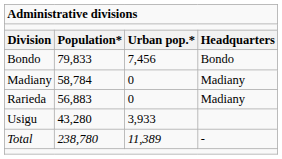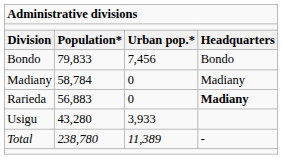 <table class="wikitable">
 <tr>
 <td colspan="4"><strong>Administrative divisions</strong></td>
 </tr>
 <tr>
 <td colspan="4"></td>
 </tr>
 <tr>
 <th>Division</th>
 <th>Population*</th>
 <th>Urban pop.*</th>
 <th>Headquarters</th>
 </tr>
 <tr>
 <td>Bondo</td>
 <td>79,833</td>
 <td>7,456</td>
 <td>Bondo</td>
 </tr>
 <tr>
 <td>Madiany</td>
 <td>58,784</td>
 <td>0</td>
 <td>Madiany</td>
 </tr>
 <tr>
 <td>Rarieda</td>
 <td>56,883</td>
 <td>0</td>
-<td>Madiany</td>
+<td><strong>Madiany</strong></td>
 </tr>
 <tr>
 <td>Usigu</td>
 <td>43,280</td>
 <td>3,933</td>
 <td></td>
 </tr>
 <tr>
 <td><em>Total</em></td>
 <td><em>238,780</em></td>
 <td><em>11,389</em></td>
 <td>-</td>
 </tr>
 <tr>
 <td colspan="4"></td>
 </tr>
 </table>
